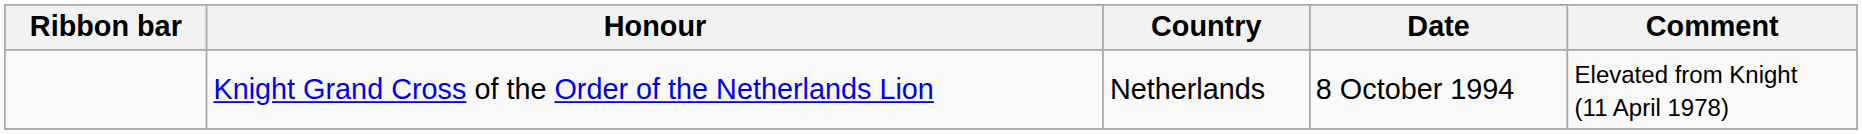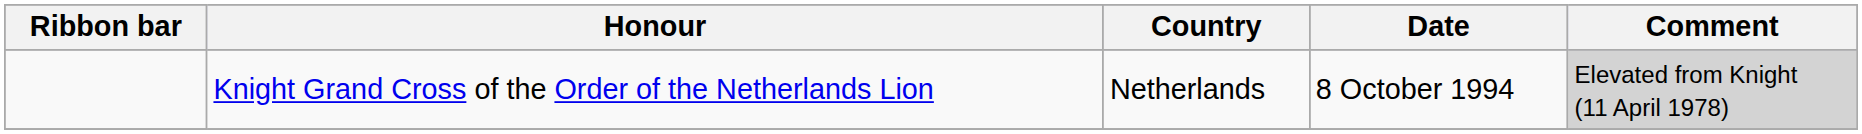 <table class="wikitable" style="width:65%;">
 <tr style="background:#ccf; text-align:center;">
 <th>Ribbon bar</th>
 <th>Honour</th>
 <th>Country</th>
 <th>Date</th>
 <th>Comment</th>
 </tr>
 <tr>
 <td></td>
 <td><a href='#'>Knight Grand Cross</a> of the <a href='#'>Order of the Netherlands Lion</a></td>
 <td>Netherlands</td>
 <td>8 October 1994</td>
-<td><small>Elevated from Knight <br> (11 April 1978)</small></td>
+<td style="background: lightgrey;"><small>Elevated from Knight <br> (11 April 1978)</small></td>
 </tr>
 <tr>
 </tr>
 </table>
